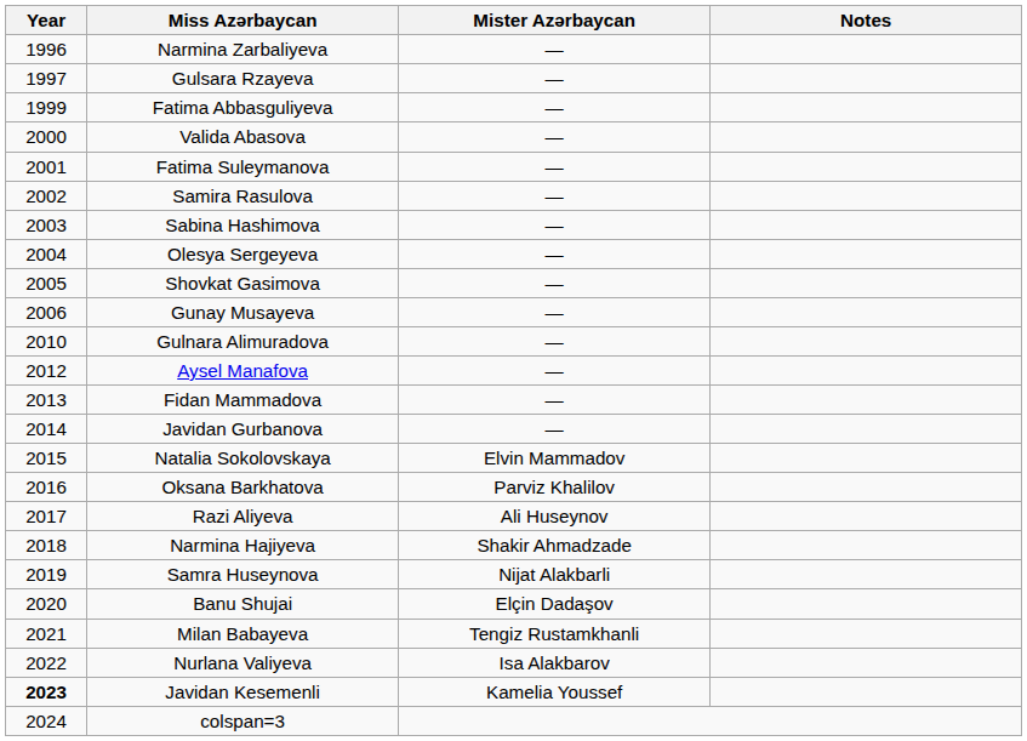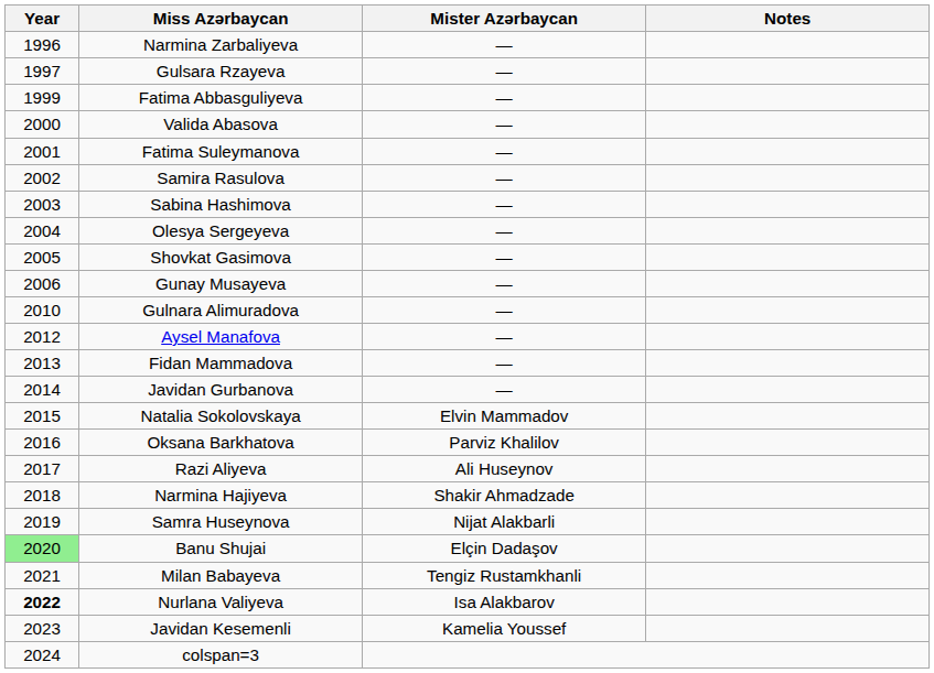 <table class="wikitable sortable" style="font-size: 95%; text-align:center">
 <tr>
 <th width="60">Year</th>
 <th width="250">Miss Azərbaycan</th>
 <th width="250">Mister Azərbaycan</th>
 <th width="250">Notes</th>
 </tr>
 <tr>
 <td>1996</td>
 <td>Narmina Zarbaliyeva</td>
 <td>—</td>
 <td></td>
 </tr>
 <tr>
 <td>1997</td>
 <td>Gulsara Rzayeva</td>
 <td>—</td>
 <td></td>
 </tr>
 <tr>
 <td>1999</td>
 <td>Fatima Abbasguliyeva</td>
 <td>—</td>
 <td></td>
 </tr>
 <tr>
 <td>2000</td>
 <td>Valida Abasova</td>
 <td>—</td>
 <td></td>
 </tr>
 <tr>
 <td>2001</td>
 <td>Fatima Suleymanova</td>
 <td>—</td>
 <td></td>
 </tr>
 <tr>
 <td>2002</td>
 <td>Samira Rasulova</td>
 <td>—</td>
 <td></td>
 </tr>
 <tr>
 <td>2003</td>
 <td>Sabina Hashimova</td>
 <td>—</td>
 <td></td>
 </tr>
 <tr>
 <td>2004</td>
 <td>Olesya Sergeyeva</td>
 <td>—</td>
 <td></td>
 </tr>
 <tr>
 <td>2005</td>
 <td>Shovkat Gasimova</td>
 <td>—</td>
 <td></td>
 </tr>
 <tr>
 <td>2006</td>
 <td>Gunay Musayeva</td>
 <td>—</td>
 <td></td>
 </tr>
 <tr>
 <td>2010</td>
 <td>Gulnara Alimuradova</td>
 <td>—</td>
 <td></td>
 </tr>
 <tr>
 <td>2012</td>
 <td><a href='#'>Aysel Manafova</a></td>
 <td>—</td>
 <td></td>
 </tr>
 <tr>
 <td>2013</td>
 <td>Fidan Mammadova</td>
 <td>—</td>
 <td></td>
 </tr>
 <tr>
 <td>2014</td>
 <td>Javidan Gurbanova</td>
 <td>—</td>
 <td></td>
 </tr>
 <tr>
 <td>2015</td>
 <td>Natalia Sokolovskaya</td>
 <td>Elvin Mammadov</td>
 <td></td>
 </tr>
 <tr>
 <td>2016</td>
 <td>Oksana Barkhatova</td>
 <td>Parviz Khalilov</td>
 <td></td>
 </tr>
 <tr>
 <td>2017</td>
 <td>Razi Aliyeva</td>
 <td>Ali Huseynov</td>
 <td></td>
 </tr>
 <tr>
 <td>2018</td>
 <td>Narmina Hajiyeva</td>
 <td>Shakir Ahmadzade</td>
 <td></td>
 </tr>
 <tr>
 <td>2019</td>
 <td>Samra Huseynova</td>
 <td>Nijat Alakbarli</td>
 <td></td>
 </tr>
 <tr>
-<td>2020</td>
+<td style="background: lightgreen;">2020</td>
 <td>Banu Shujai</td>
 <td>Elçin Dadaşov</td>
 <td></td>
 </tr>
 <tr>
 <td>2021</td>
 <td>Milan Babayeva</td>
 <td>Tengiz Rustamkhanli</td>
 <td></td>
 </tr>
 <tr>
-<td>2022</td>
+<td><strong>2022</strong></td>
 <td>Nurlana Valiyeva</td>
 <td>Isa Alakbarov</td>
 <td></td>
 </tr>
 <tr>
-<td><strong>2023</strong></td>
+<td>2023</td>
 <td>Javidan Kesemenli</td>
 <td>Kamelia Youssef</td>
 <td></td>
 </tr>
 <tr>
 <td>2024</td>
 <td>colspan=3 </td>
 </tr>
 <tr>
 </tr>
 </table>
